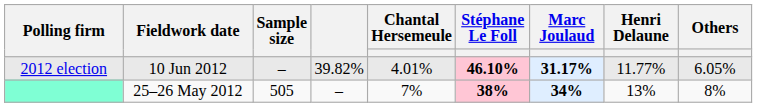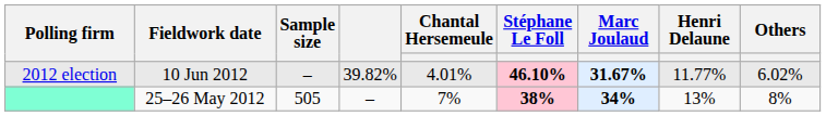 <table class="wikitable sortable" style="text-align:center;font-size:90%;line-height:14px;">
 <tr style="height:40px;">
 <th style="width:100px;" rowspan="2">Polling firm</th>
 <th style="width:110px;" rowspan="2">Fieldwork date</th>
 <th style="width:35px;" rowspan="2">Sample<br>size</th>
 <th style="width:30px;" rowspan="2"></th>
 <th class="unsortable" style="width:60px;">Chantal Hersemeule<br></th>
 <th class="unsortable" style="width:60px;"><a href='#'>Stéphane Le Foll</a><br></th>
 <th class="unsortable" style="width:60px;"><a href='#'>Marc Joulaud</a><br></th>
 <th class="unsortable" style="width:60px;">Henri Delaune<br></th>
 <th class="unsortable" style="width:60px;">Others</th>
 </tr>
 <tr>
 <th style="background:"></th>
 <th style="background:"></th>
 <th style="background:"></th>
 <th style="background:"></th>
 <th style="background:"></th>
 </tr>
 <tr style="background:#E9E9E9;">
 <td><a href='#'>2012 election</a></td>
 <td data-sort-value="2012-06-10">10 Jun 2012</td>
 <td>–</td>
 <td>39.82%</td>
 <td>4.01%</td>
 <td style="background:#FFC6D5;"><strong>46.10%</strong></td>
-<td style="background:#DFEEFF;"><strong>31.17%</strong></td>
+<td style="background:#DFEEFF;"><strong>31.67%</strong></td>
 <td>11.77%</td>
-<td>6.05%</td>
+<td>6.02%</td>
 </tr>
 <tr>
 <td style="background:aquamarine;"></td>
 <td data-sort-value="2012-05-26">25–26 May 2012</td>
 <td>505</td>
 <td>–</td>
 <td>7%</td>
 <td style="background:#FFC6D5;"><strong>38%</strong></td>
 <td style="background:#DFEEFF;"><strong>34%</strong></td>
 <td>13%</td>
 <td>8%</td>
 </tr>
 </table>
